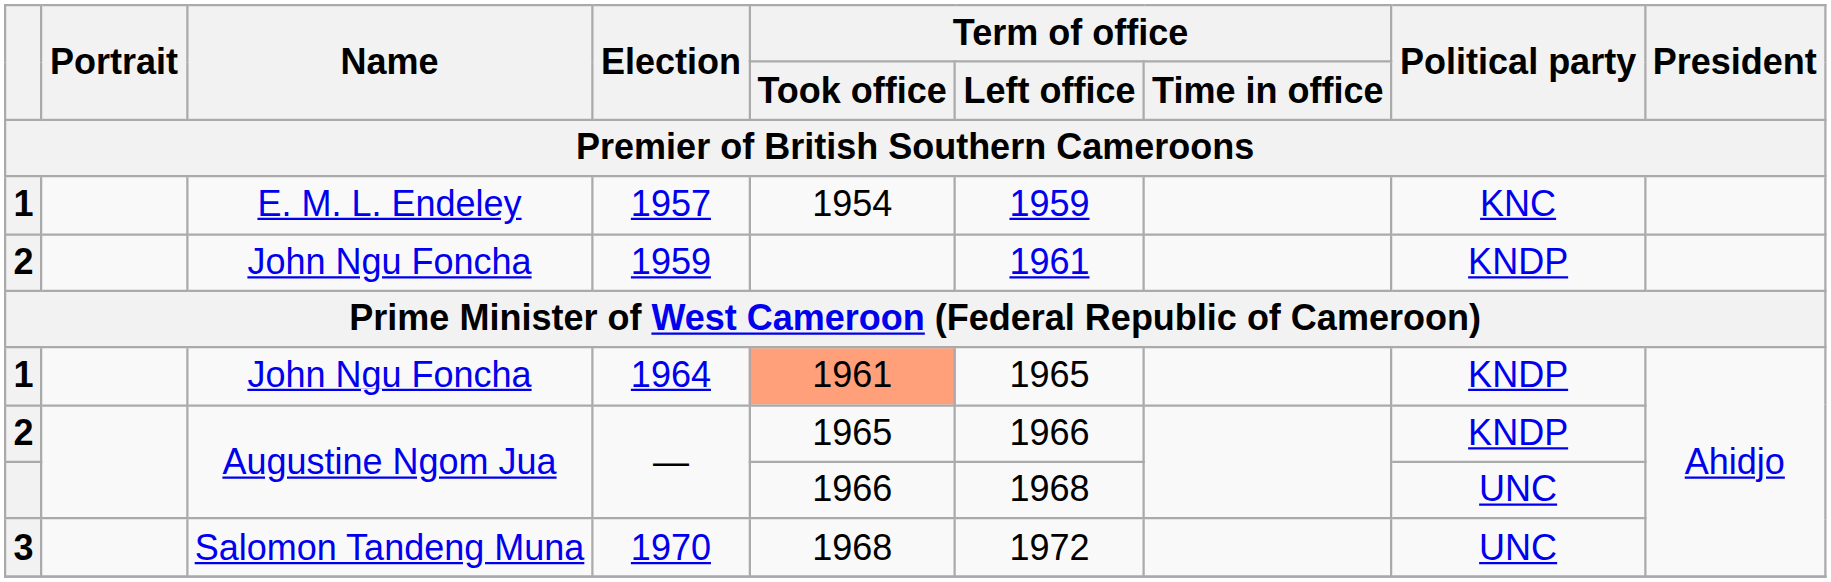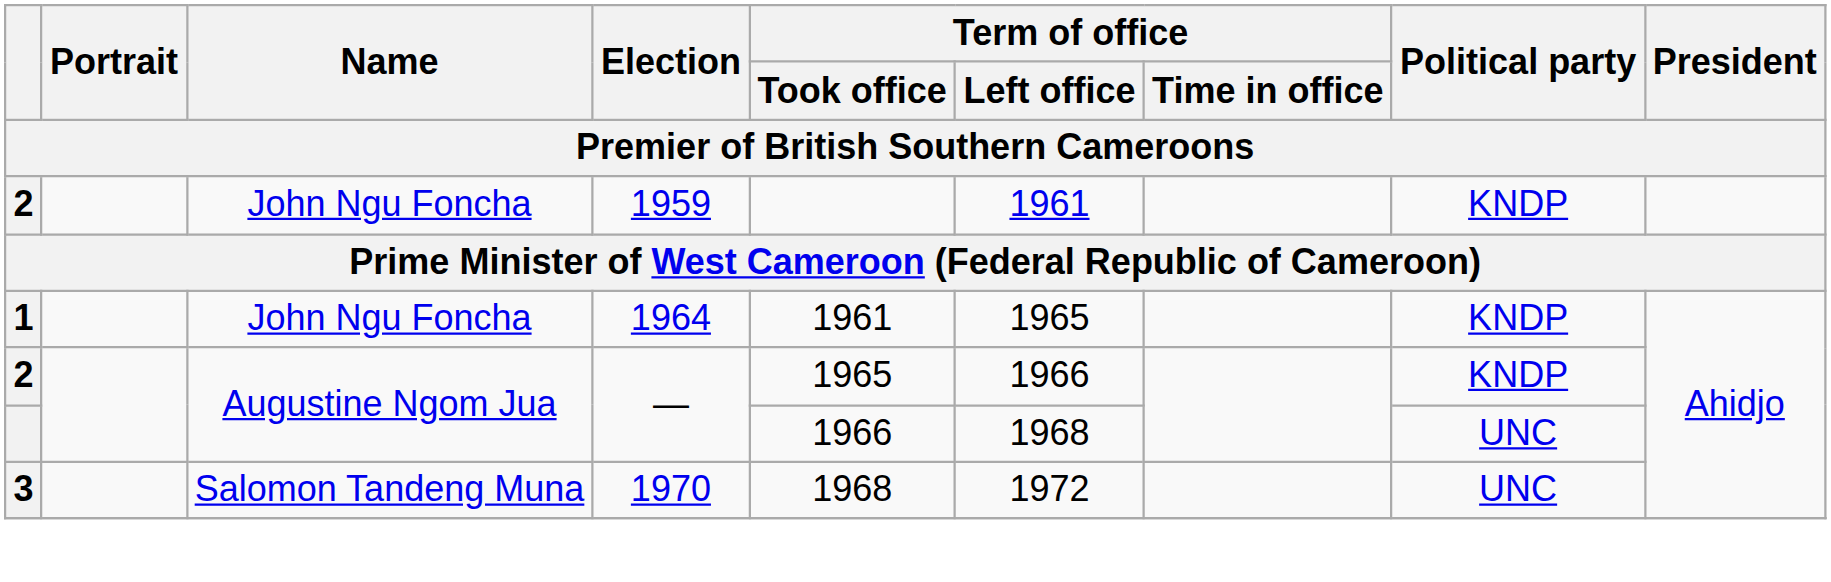 <table class="wikitable" style="text-align:center">
 <tr>
 <th rowspan="2"></th>
 <th rowspan="2">Portrait</th>
 <th rowspan="2">Name<br></th>
 <th rowspan="2"><strong>Election</strong></th>
 <th colspan="3">Term of office</th>
 <th rowspan="2">Political party</th>
 <th rowspan="2">President</th>
 </tr>
 <tr>
 <th>Took office</th>
 <th>Left office</th>
 <th>Time in office</th>
 </tr>
 <tr>
 <th colspan="9">Premier of British Southern Cameroons</th>
-</tr>
-<tr>
-<th style="background:">1</th>
-<td></td>
-<td><a href='#'>E. M. L. Endeley</a><br></td>
-<td><a href='#'>1957</a></td>
-<td> 1954</td>
-<td> <a href='#'>1959</a></td>
-<td></td>
-<td><a href='#'>KNC</a></td>
-<td></td>
 </tr>
 <tr>
 <th style="background:">2</th>
 <td></td>
 <td><a href='#'>John Ngu Foncha</a><br></td>
 <td><a href='#'>1959</a></td>
 <td></td>
 <td> <a href='#'>1961</a></td>
 <td></td>
 <td><a href='#'>KNDP</a></td>
 <td></td>
 </tr>
 <tr>
 <th colspan="9">Prime Minister of <a href='#'>West Cameroon</a> (Federal Republic of Cameroon)</th>
 </tr>
 <tr>
 <th style="background:">1</th>
 <td></td>
 <td><a href='#'>John Ngu Foncha</a><br></td>
 <td><a href='#'>1964</a></td>
-<td style="background: lightsalmon;"> 1961</td>
+<td> 1961</td>
 <td> 1965</td>
 <td></td>
 <td><a href='#'>KNDP</a></td>
 <td rowspan=4><a href='#'>Ahidjo</a></td>
 </tr>
 <tr>
 <th style="background:">2</th>
 <td rowspan=2></td>
 <td rowspan=2><a href='#'>Augustine Ngom Jua</a><br></td>
 <td rowspan="2">—</td>
 <td> 1965</td>
 <td> 1966</td>
 <td rowspan=2></td>
 <td><a href='#'>KNDP</a></td>
 </tr>
 <tr>
 <th style="background:"></th>
 <td> 1966</td>
 <td> 1968</td>
 <td><a href='#'>UNC</a></td>
 </tr>
 <tr>
 <th style="background:">3</th>
 <td></td>
 <td><a href='#'>Salomon Tandeng Muna</a><br></td>
 <td><a href='#'>1970</a></td>
 <td> 1968</td>
 <td> 1972</td>
 <td></td>
 <td><a href='#'>UNC</a></td>
 </tr>
 <tr>
 </tr>
 </table>
